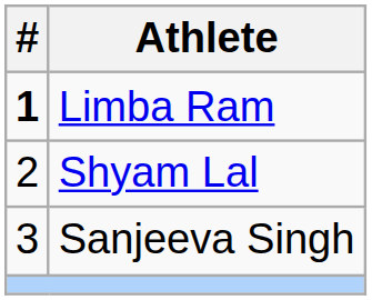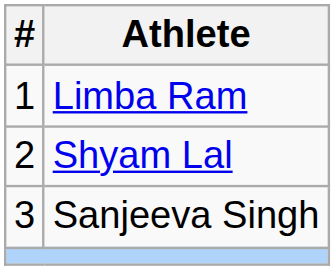 <table class="wikitable">
 <tr>
 <th>#</th>
 <th>Athlete</th>
 </tr>
 <tr>
-<td><strong>1</strong></td>
+<td>1</td>
 <td><a href='#'>Limba Ram</a></td>
 </tr>
 <tr>
 <td>2</td>
 <td><a href='#'>Shyam Lal</a></td>
 </tr>
 <tr>
 <td>3</td>
 <td>Sanjeeva Singh</td>
 </tr>
 <tr ---->
 <td colspan="9" bgcolor="#B0D3FB" align="left" bgcolor="#DFEDFD"></td>
 </tr>
 </table>
